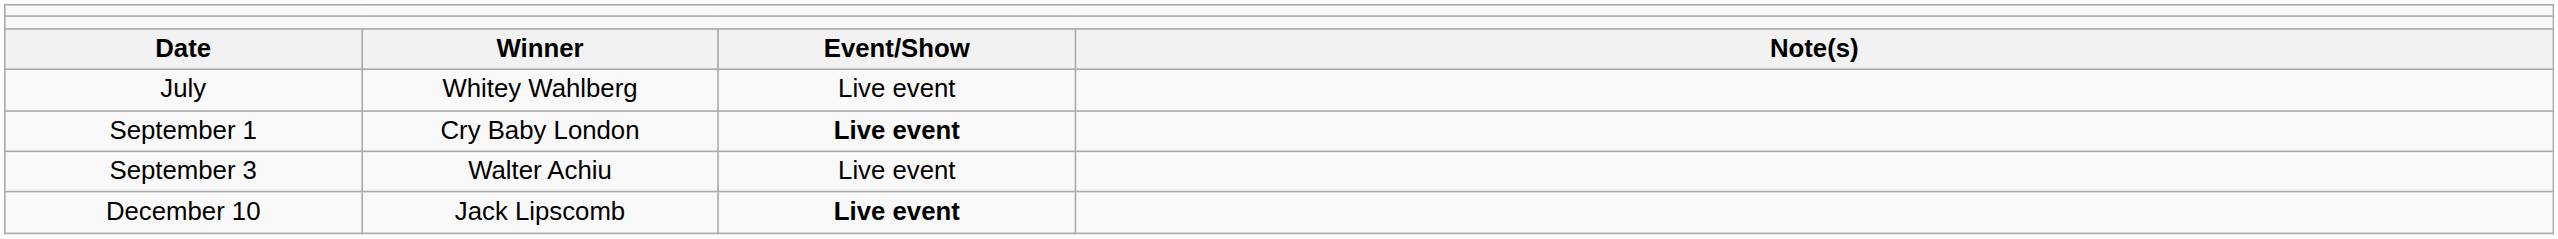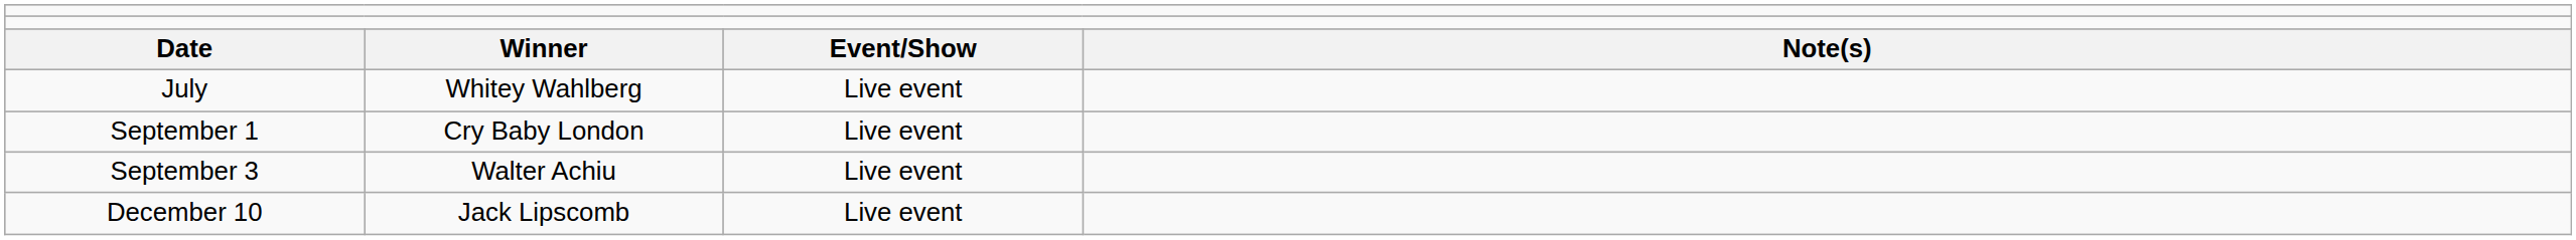 <table class="wikitable" style="text-align:center; width:100%;">
 <tr>
 <td colspan=5></td>
 </tr>
 <tr>
 <td colspan=5><strong></strong></td>
 </tr>
 <tr>
 <th width=14%>Date</th>
 <th width=14%>Winner</th>
 <th width=14%>Event/Show</th>
 <th width=58%>Note(s)</th>
 </tr>
 <tr>
 <td>July</td>
 <td>Whitey Wahlberg</td>
 <td>Live event</td>
 <td align=left></td>
 </tr>
 <tr>
 <td>September 1</td>
 <td>Cry Baby London</td>
-<td><strong>Live event</strong></td>
+<td>Live event</td>
 <td align=left></td>
 </tr>
 <tr>
 <td>September 3</td>
 <td>Walter Achiu</td>
 <td>Live event</td>
 <td align=left></td>
 </tr>
 <tr>
 <td>December 10</td>
 <td>Jack Lipscomb</td>
-<td><strong>Live event</strong></td>
+<td>Live event</td>
 <td align=left></td>
 </tr>
 </table>
